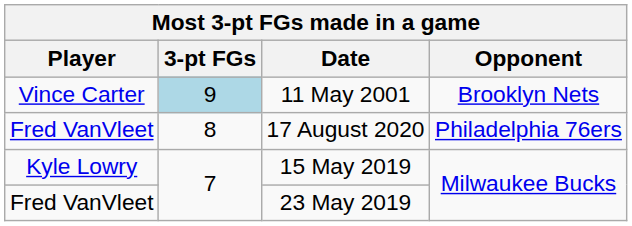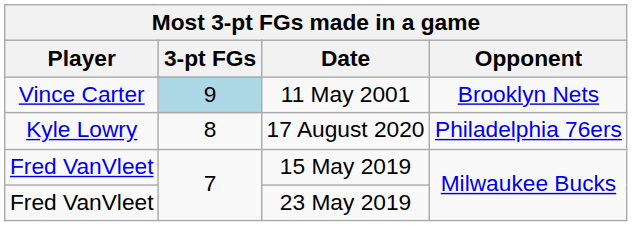 <table class="wikitable" style="text-align:center">
 <tr>
 <th colspan="4">Most 3-pt FGs made in a game</th>
 </tr>
 <tr>
 <th>Player</th>
 <th>3-pt FGs</th>
 <th>Date</th>
 <th>Opponent</th>
 </tr>
 <tr>
 <td><a href='#'>Vince Carter</a></td>
 <td style="background: lightblue;">9</td>
 <td>11 May 2001</td>
 <td><a href='#'>Brooklyn Nets</a></td>
 </tr>
 <tr>
-<td><a href='#'>Fred VanVleet</a></td>
+<td><a href='#'>Kyle Lowry</a></td>
 <td>8</td>
 <td>17 August 2020</td>
 <td><a href='#'>Philadelphia 76ers</a></td>
 </tr>
 <tr>
-<td><a href='#'>Kyle Lowry</a></td>
+<td><a href='#'>Fred VanVleet</a></td>
 <td rowspan=2>7</td>
 <td>15 May 2019</td>
 <td rowspan=2><a href='#'>Milwaukee Bucks</a></td>
 </tr>
 <tr>
 <td>Fred VanVleet</td>
 <td>23 May 2019</td>
 </tr>
 </table>
